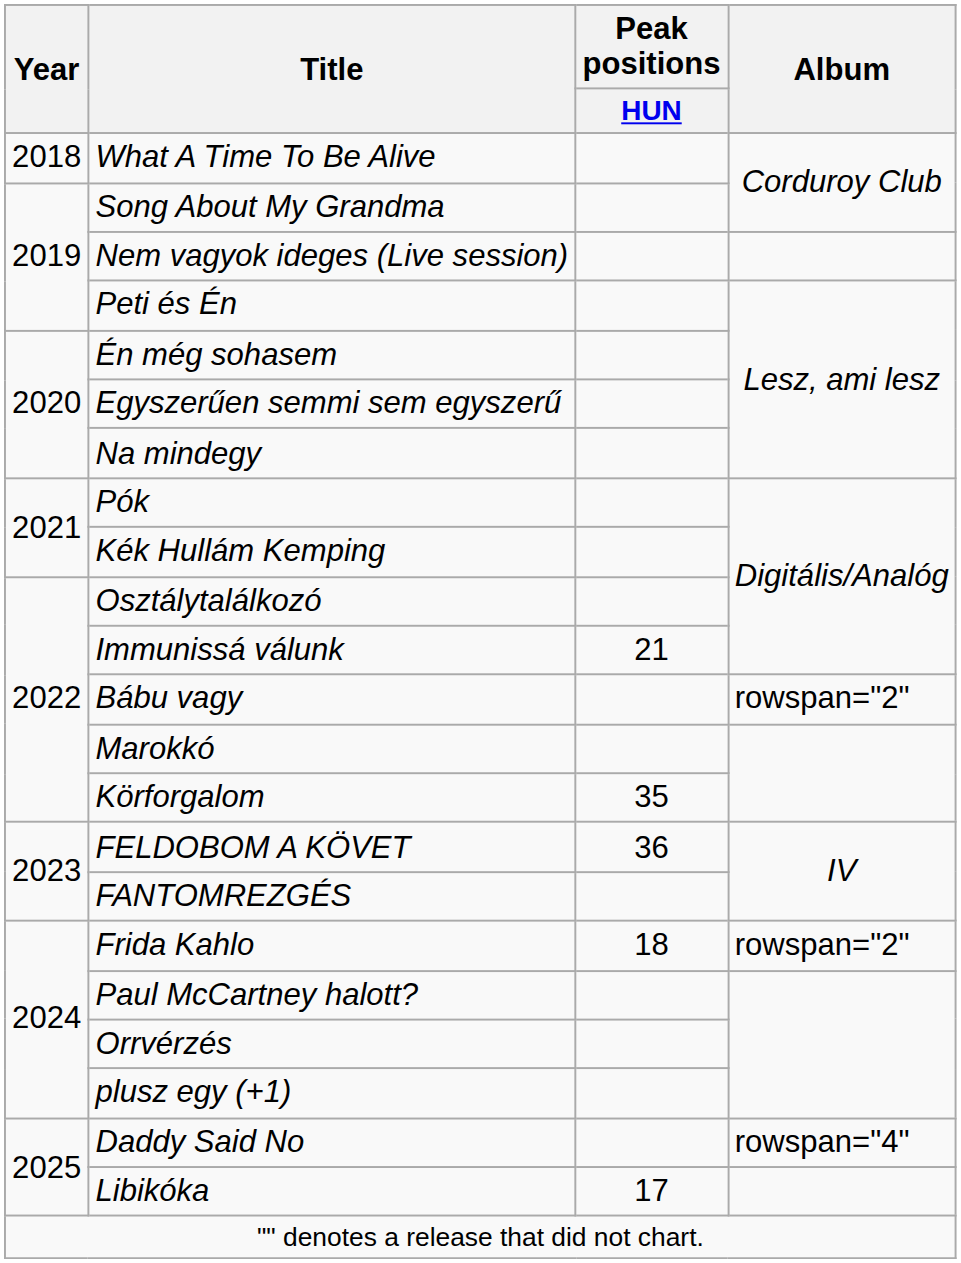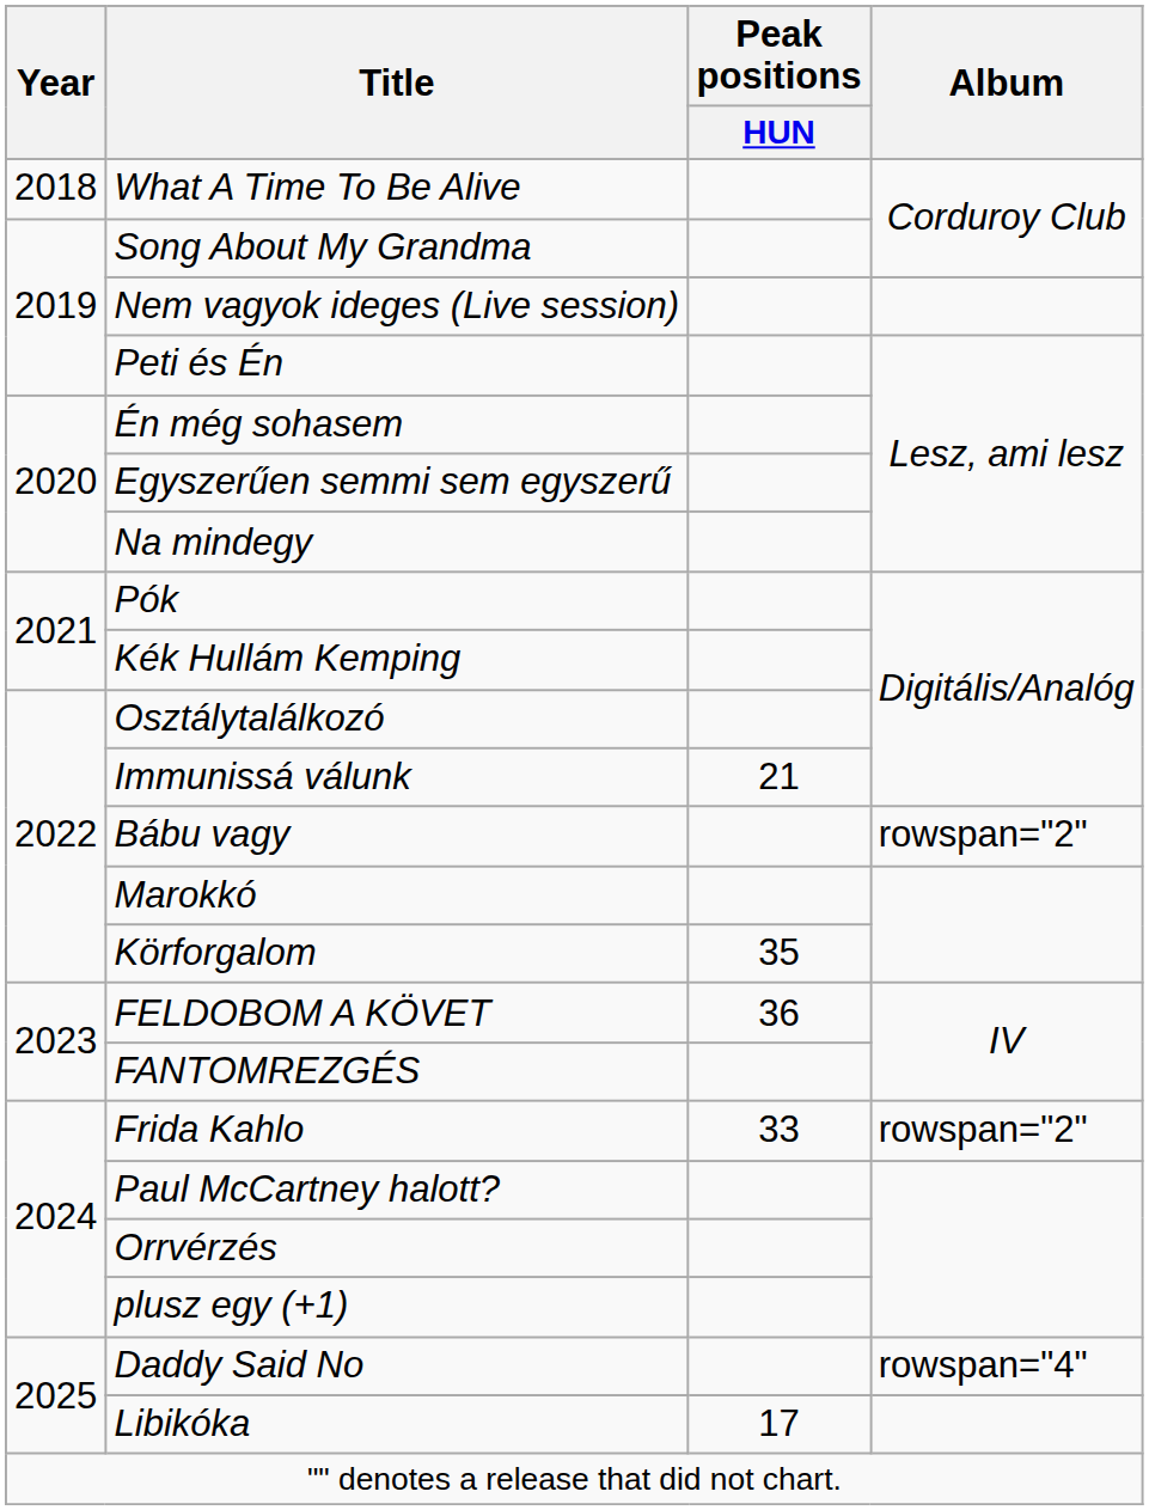 <table class="wikitable">
 <tr>
 <th rowspan="2" style="text-align:center; max-width:4em;">Year</th>
 <th rowspan="2" style="text-align:center; max-width:4em;">Title</th>
 <th style="text-align:center; max-width:5em;">Peak positions</th>
 <th rowspan="2" style="text-align:center; max-width:4em;">Album</th>
 </tr>
 <tr>
 <th scope="col" style="width:3em;font-size:90%;"><a href='#'>HUN</a></th>
 </tr>
 <tr>
 <td style="text-align:center;">2018</td>
 <td><em>What A Time To Be Alive</em></td>
 <td style="text-align:center;"></td>
 <td rowspan="2" style="text-align:center;"><em>Corduroy Club</em></td>
 </tr>
 <tr>
 <td rowspan="3" style="text-align:center;">2019</td>
 <td><em>Song About My Grandma</em></td>
 <td style="text-align:center;"></td>
 </tr>
 <tr>
 <td><em>Nem vagyok ideges (Live session)</em></td>
 <td style="text-align:center;"></td>
 <td></td>
 </tr>
 <tr>
 <td><em>Peti és Én</em></td>
 <td style="text-align:center;"></td>
 <td rowspan="4" style="text-align:center;"><em>Lesz, ami lesz</em></td>
 </tr>
 <tr>
 <td rowspan="3" style="text-align:center;">2020</td>
 <td><em>Én még sohasem</em></td>
 <td style="text-align:center;"></td>
 </tr>
 <tr>
 <td><em>Egyszerűen semmi sem egyszerű</em></td>
 <td style="text-align:center;"></td>
 </tr>
 <tr>
 <td><em>Na mindegy</em></td>
 <td style="text-align:center;"></td>
 </tr>
 <tr>
 <td rowspan="2" style="text-align:center;">2021</td>
 <td><em>Pók</em></td>
 <td style="text-align:center;"></td>
 <td rowspan="4" style="text-align:center;"><em>Digitális/Analóg</em></td>
 </tr>
 <tr>
 <td><em>Kék Hullám Kemping</em></td>
 <td style="text-align:center;"></td>
 </tr>
 <tr>
 <td rowspan="5" style="text-align:center;">2022</td>
 <td><em>Osztálytalálkozó</em></td>
 <td style="text-align:center;"></td>
 </tr>
 <tr>
 <td><em>Immunissá válunk</em></td>
 <td style="text-align:center;">21 </td>
 </tr>
 <tr>
 <td><em>Bábu vagy</em></td>
 <td style="text-align:center;"></td>
 <td>rowspan="2" </td>
 </tr>
 <tr>
 <td><em>Marokkó</em></td>
 <td style="text-align:center;"></td>
 </tr>
 <tr>
 <td><em>Körforgalom</em></td>
 <td style="text-align:center;">35 </td>
 </tr>
 <tr>
 <td rowspan="2" style="text-align:center;">2023</td>
 <td><em>FELDOBOM A KÖVET</em></td>
 <td style="text-align:center;">36 </td>
 <td rowspan="2" style="text-align:center;"><em>IV</em></td>
 </tr>
 <tr>
 <td><em>FANTOMREZGÉS</em></td>
 <td style="text-align:center;"></td>
 </tr>
 <tr>
 <td rowspan="4" style="text-align:center;">2024</td>
 <td><em>Frida Kahlo</em> </td>
-<td style="text-align:center;">18 </td>
+<td style="text-align:center;">33 </td>
 <td>rowspan="2" </td>
 </tr>
 <tr>
 <td><em>Paul McCartney halott?</em></td>
 <td style="text-align:center;"></td>
 </tr>
 <tr>
 <td><em>Orrvérzés</em></td>
 <td style="text-align:center;"></td>
 </tr>
 <tr>
 <td><em>plusz egy (+1)</em></td>
 <td style="text-align:center;"></td>
 </tr>
 <tr>
 <td rowspan="2" style="text-align:center;">2025</td>
 <td><em>Daddy Said No</em></td>
 <td style="text-align:center;"></td>
 <td>rowspan="4" </td>
 </tr>
 <tr>
 <td><em>Libikóka</em></td>
 <td style="text-align:center;">17 </td>
 </tr>
 <tr>
 <td colspan="5" style="font-size:85%;max-width:4em;text-align:center;">"" denotes a release that did not chart.</td>
 </tr>
 </table>
